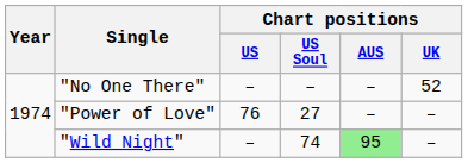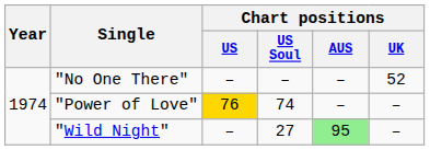 <table class="wikitable" style="text-align:center;">
 <tr>
 <th rowspan="2">Year</th>
 <th rowspan="2">Single</th>
 <th colspan="4">Chart positions</th>
 </tr>
 <tr style="font-size:smaller;">
 <th style="width:40px;"><a href='#'>US</a></th>
 <th style="width:40px;"><a href='#'>US<br>Soul</a></th>
 <th style="width:40px;"><a href='#'>AUS</a><br></th>
 <th style="width:40px;"><a href='#'>UK</a></th>
 </tr>
 <tr>
 <td rowspan="3">1974</td>
 <td style="text-align:left;">"No One There"</td>
 <td>–</td>
 <td>–</td>
 <td>–</td>
 <td>52</td>
 </tr>
 <tr>
 <td style="text-align:left;">"Power of Love"</td>
-<td>76</td>
-<td>27</td>
+<td style="background: gold;">76</td>
+<td>74</td>
 <td>–</td>
 <td>–</td>
 </tr>
 <tr>
 <td style="text-align:left;">"<a href='#'>Wild Night</a>"</td>
 <td>–</td>
-<td>74</td>
+<td>27</td>
 <td style="background: lightgreen;">95</td>
 <td>–</td>
 </tr>
 </table>
